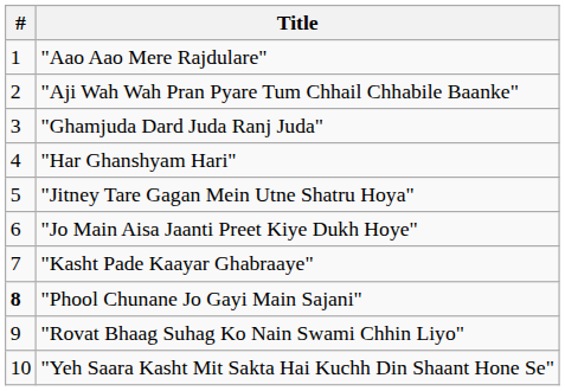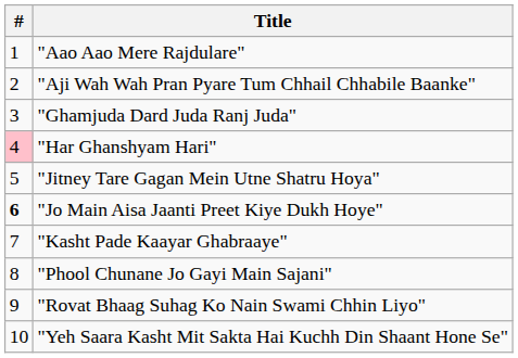 <table class="wikitable" style="font-size:95%;">
 <tr>
 <th>#</th>
 <th>Title</th>
 </tr>
 <tr>
 <td>1</td>
 <td>"Aao Aao Mere Rajdulare"</td>
 </tr>
 <tr>
 <td>2</td>
 <td>"Aji Wah Wah Pran Pyare Tum Chhail Chhabile Baanke"</td>
 </tr>
 <tr>
 <td>3</td>
 <td>"Ghamjuda Dard Juda Ranj Juda"</td>
 </tr>
 <tr>
-<td>4</td>
+<td style="background: pink;">4</td>
 <td>"Har Ghanshyam Hari"</td>
 </tr>
 <tr>
 <td>5</td>
 <td>"Jitney Tare Gagan Mein Utne Shatru Hoya"</td>
 </tr>
 <tr>
-<td>6</td>
+<td><strong>6</strong></td>
 <td>"Jo Main Aisa Jaanti Preet Kiye Dukh Hoye"</td>
 </tr>
 <tr>
 <td>7</td>
 <td>"Kasht Pade Kaayar Ghabraaye"</td>
 </tr>
 <tr>
-<td><strong>8</strong></td>
+<td>8</td>
 <td>"Phool Chunane Jo Gayi Main Sajani"</td>
 </tr>
 <tr>
 <td>9</td>
 <td>"Rovat Bhaag Suhag Ko Nain Swami Chhin Liyo"</td>
 </tr>
 <tr>
 <td>10</td>
 <td>"Yeh Saara Kasht Mit Sakta Hai Kuchh Din Shaant Hone Se"</td>
 </tr>
 </table>
